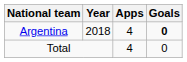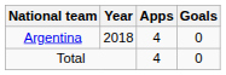 <table class="wikitable" style="text-align:center">
 <tr>
 <th>National team</th>
 <th>Year</th>
 <th>Apps</th>
 <th>Goals</th>
 </tr>
 <tr>
 <td rowspan="1"><a href='#'>Argentina</a></td>
 <td>2018</td>
 <td>4</td>
-<td><strong>0</strong></td>
+<td>0</td>
 </tr>
 <tr>
 <td colspan="2">Total</td>
 <td>4</td>
 <td>0</td>
 </tr>
 </table>
